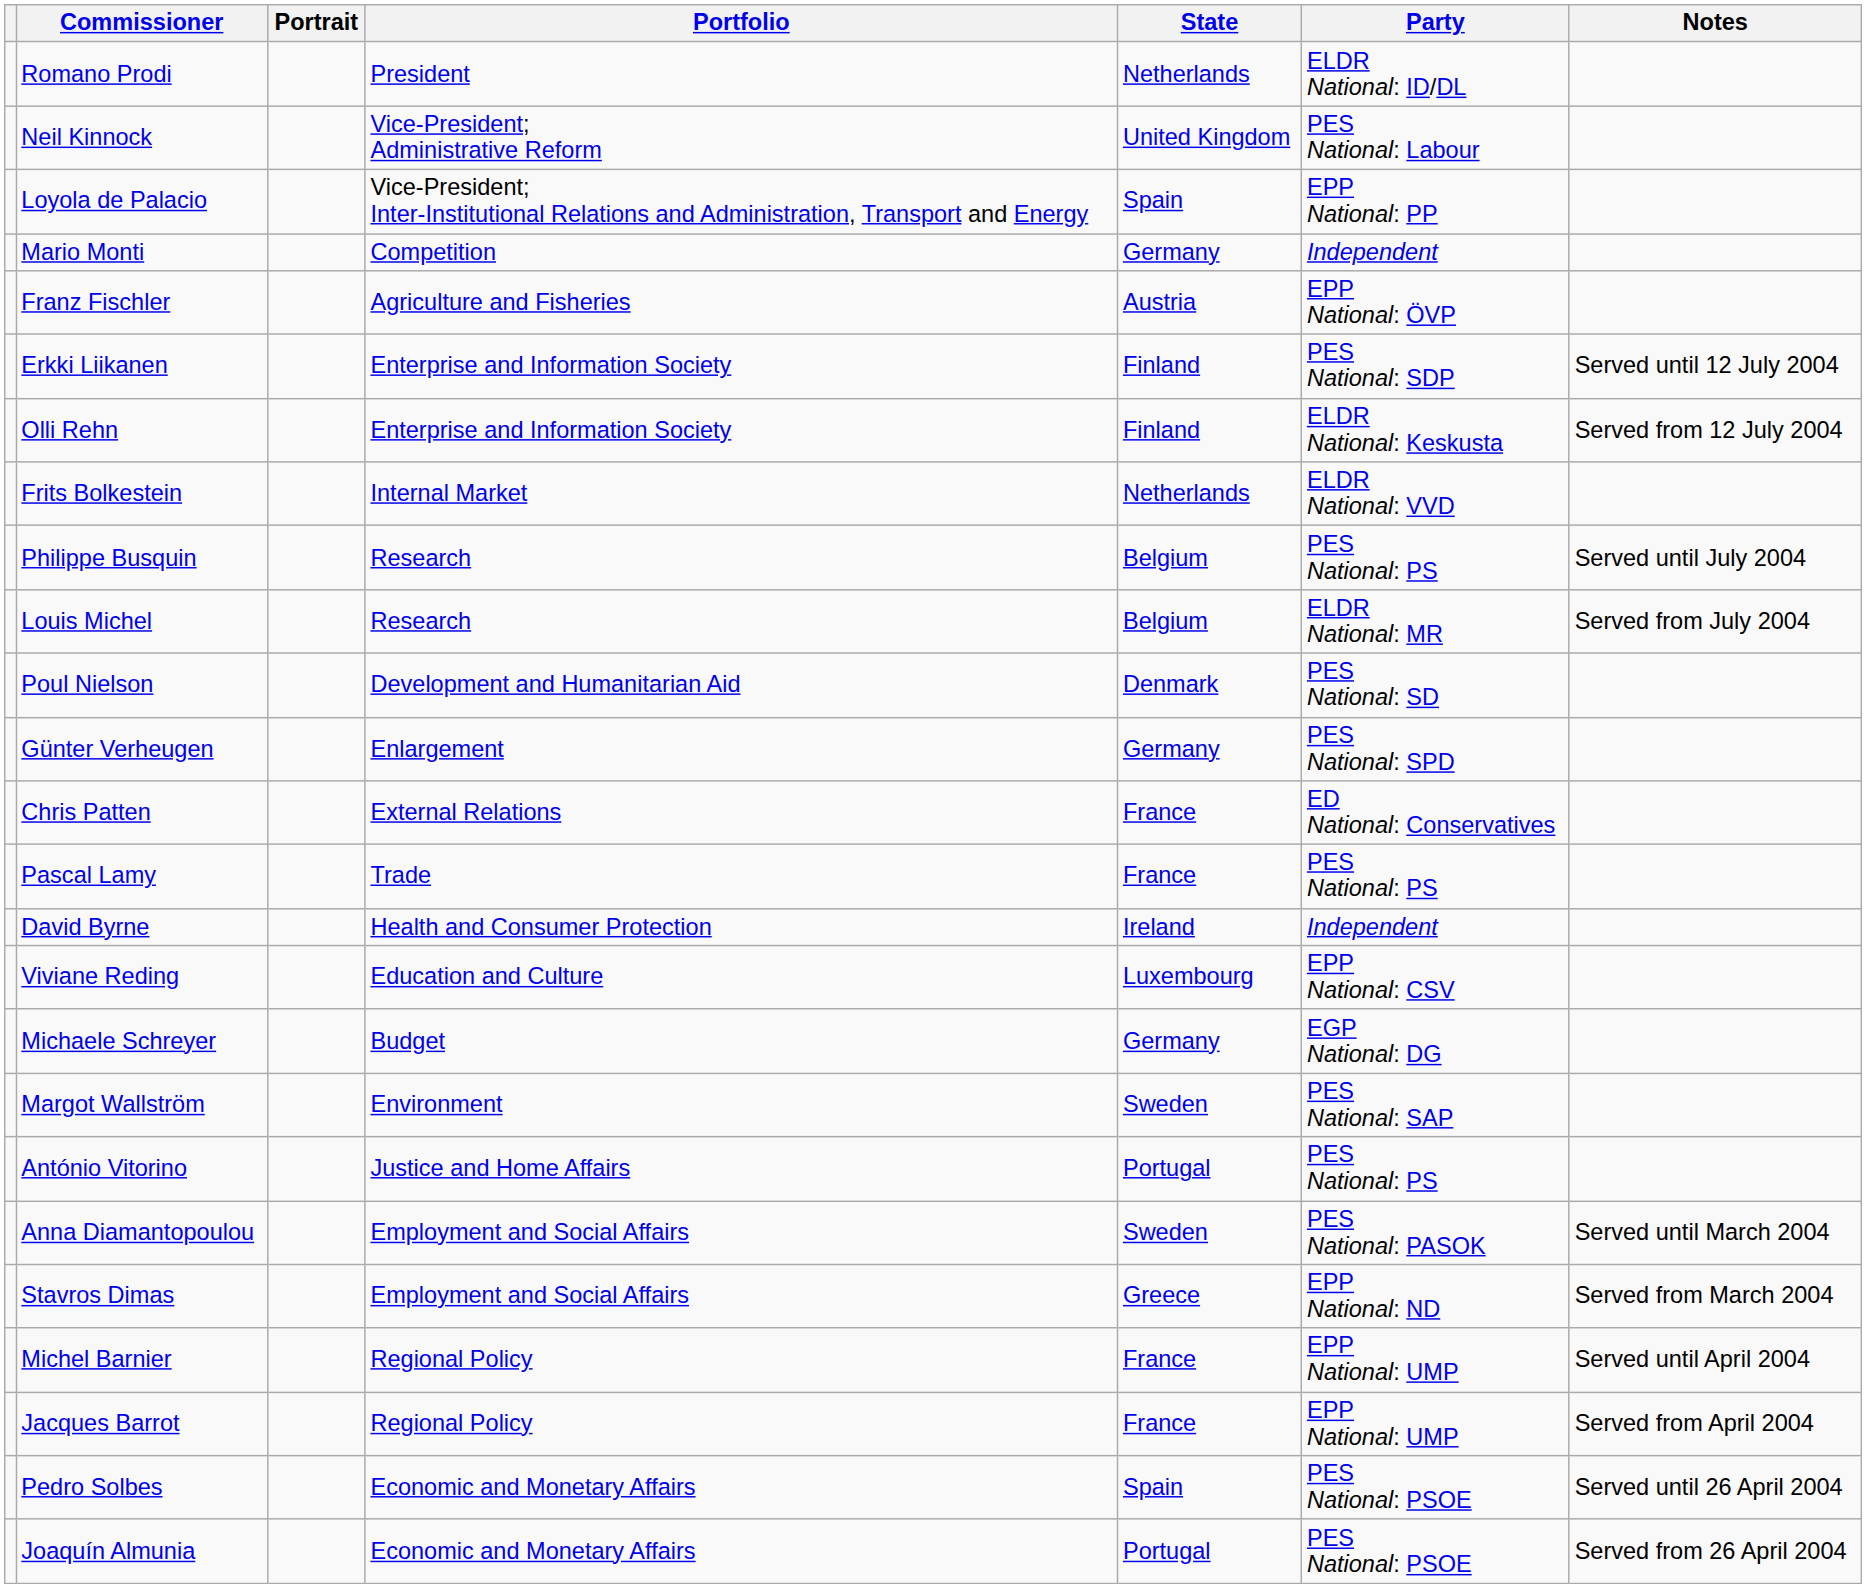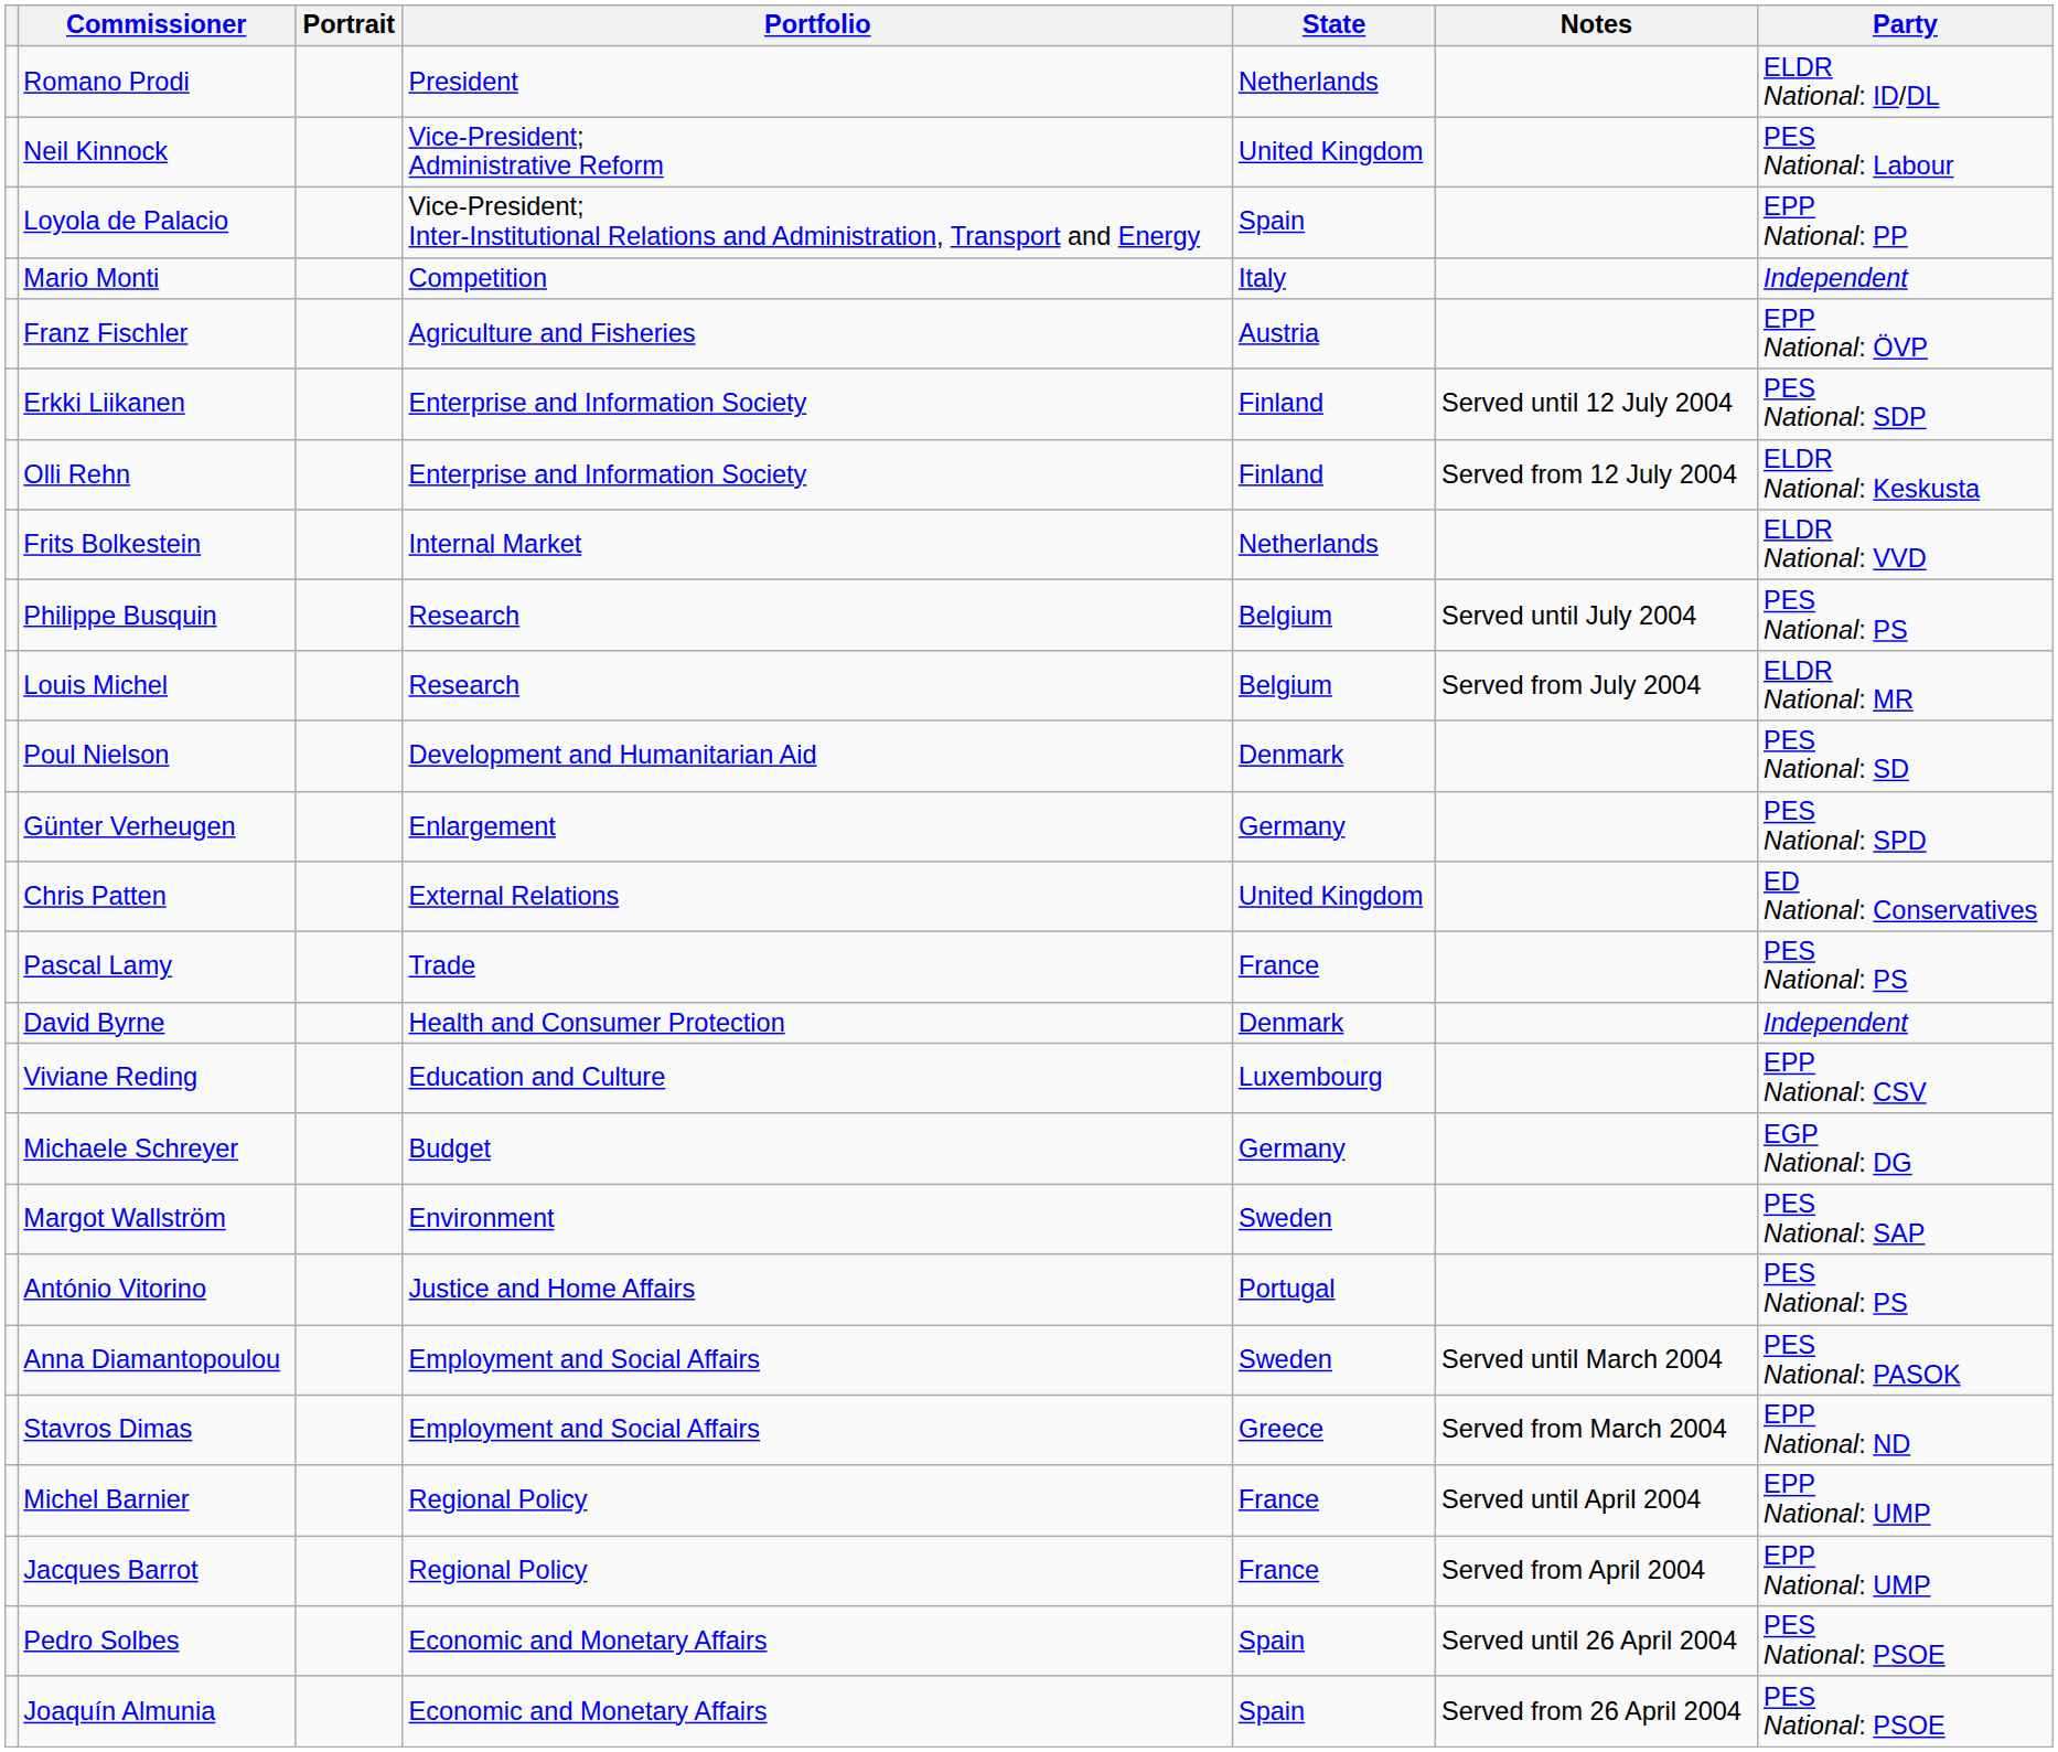 <table class="wikitable sortable" width=100% style="border-collapse:collapse; border:#555">
 <tr>
 <th class="unsortable"></th>
 <th><a href='#'>Commissioner</a></th>
 <th class="unsortable">Portrait</th>
 <th><a href='#'>Portfolio</a></th>
 <th><a href='#'>State</a></th>
+<th>Notes</th>
 <th><a href='#'>Party</a></th>
-<th>Notes</th>
 </tr>
 <tr>
 <td style="background-color: "></td>
 <td><a href='#'>Romano Prodi</a></td>
 <td></td>
 <td><a href='#'>President</a></td>
 <td> <a href='#'>Netherlands</a></td>
+<td></td>
 <td><a href='#'>ELDR</a><br><em>National</em>: <a href='#'>ID</a>/<a href='#'>DL</a></td>
-<td></td>
 </tr>
 <tr>
 <td style="background-color: "></td>
 <td><a href='#'>Neil Kinnock</a></td>
 <td></td>
 <td><a href='#'>Vice-President</a>;<br><a href='#'>Administrative Reform</a></td>
 <td> <a href='#'>United Kingdom</a></td>
+<td></td>
 <td><a href='#'>PES</a><br><em>National</em>: <a href='#'>Labour</a></td>
-<td></td>
 </tr>
 <tr>
 <td style="background-color: "></td>
 <td><a href='#'>Loyola de Palacio</a></td>
 <td></td>
 <td>Vice-President;<br><a href='#'>Inter-Institutional Relations and Administration</a>, <a href='#'>Transport</a> and <a href='#'>Energy</a></td>
 <td> <a href='#'>Spain</a></td>
+<td></td>
 <td><a href='#'>EPP</a><br><em>National</em>: <a href='#'>PP</a></td>
-<td></td>
 </tr>
 <tr>
 <td style="background-color: "></td>
 <td><a href='#'>Mario Monti</a></td>
 <td></td>
 <td><a href='#'>Competition</a></td>
-<td> <a href='#'>Germany</a></td>
+<td> <a href='#'>Italy</a></td>
+<td></td>
 <td><em><a href='#'>Independent</a></em></td>
-<td></td>
 </tr>
 <tr>
 <td style="background-color: "></td>
 <td><a href='#'>Franz Fischler</a></td>
 <td></td>
 <td><a href='#'>Agriculture and Fisheries</a></td>
 <td> <a href='#'>Austria</a></td>
+<td></td>
 <td><a href='#'>EPP</a><br><em>National</em>: <a href='#'>ÖVP</a></td>
-<td></td>
 </tr>
 <tr>
 <td style="background-color: "></td>
 <td><a href='#'>Erkki Liikanen</a></td>
 <td></td>
 <td><a href='#'>Enterprise and Information Society</a></td>
 <td> <a href='#'>Finland</a></td>
+<td>Served until 12 July 2004</td>
 <td><a href='#'>PES</a><br><em>National</em>: <a href='#'>SDP</a></td>
-<td>Served until 12 July 2004</td>
 </tr>
 <tr>
 <td style="background-color: "></td>
 <td><a href='#'>Olli Rehn</a></td>
 <td></td>
 <td><a href='#'>Enterprise and Information Society</a></td>
 <td> <a href='#'>Finland</a></td>
+<td>Served from 12 July 2004</td>
 <td><a href='#'>ELDR</a><br><em>National</em>: <a href='#'>Keskusta</a></td>
-<td>Served from 12 July 2004</td>
 </tr>
 <tr>
 <td style="background-color: "></td>
 <td><a href='#'>Frits Bolkestein</a></td>
 <td></td>
 <td><a href='#'>Internal Market</a></td>
 <td> <a href='#'>Netherlands</a></td>
+<td></td>
 <td><a href='#'>ELDR</a><br><em>National</em>: <a href='#'>VVD</a></td>
-<td></td>
 </tr>
 <tr>
 <td style="background-color: "></td>
 <td><a href='#'>Philippe Busquin</a></td>
 <td></td>
 <td><a href='#'>Research</a></td>
 <td> <a href='#'>Belgium</a></td>
+<td>Served until July 2004</td>
 <td><a href='#'>PES</a><br><em>National</em>: <a href='#'>PS</a></td>
-<td>Served until July 2004</td>
 </tr>
 <tr>
 <td style="background-color: "></td>
 <td><a href='#'>Louis Michel</a></td>
 <td></td>
 <td><a href='#'>Research</a></td>
 <td> <a href='#'>Belgium</a></td>
+<td>Served from July 2004</td>
 <td><a href='#'>ELDR</a><br><em>National</em>: <a href='#'>MR</a></td>
-<td>Served from July 2004</td>
 </tr>
 <tr>
 <td style="background-color: "></td>
 <td><a href='#'>Poul Nielson</a></td>
 <td></td>
 <td><a href='#'>Development and Humanitarian Aid</a></td>
 <td> <a href='#'>Denmark</a></td>
+<td></td>
 <td><a href='#'>PES</a><br><em>National</em>: <a href='#'>SD</a></td>
-<td></td>
 </tr>
 <tr>
 <td style="background-color: "></td>
 <td><a href='#'>Günter Verheugen</a></td>
 <td></td>
 <td><a href='#'>Enlargement</a></td>
 <td> <a href='#'>Germany</a></td>
+<td></td>
 <td><a href='#'>PES</a><br><em>National</em>: <a href='#'>SPD</a></td>
-<td></td>
 </tr>
 <tr>
 <td style="background-color: "></td>
 <td><a href='#'>Chris Patten</a></td>
 <td></td>
 <td><a href='#'>External Relations</a></td>
-<td> <a href='#'>France</a></td>
+<td> <a href='#'>United Kingdom</a></td>
+<td></td>
 <td><a href='#'>ED</a><br><em>National</em>: <a href='#'>Conservatives</a></td>
-<td></td>
 </tr>
 <tr>
 <td style="background-color: "></td>
 <td><a href='#'>Pascal Lamy</a></td>
 <td></td>
 <td><a href='#'>Trade</a></td>
 <td> <a href='#'>France</a></td>
+<td></td>
 <td><a href='#'>PES</a><br><em>National</em>: <a href='#'>PS</a></td>
-<td></td>
 </tr>
 <tr>
 <td style="background-color: "></td>
 <td><a href='#'>David Byrne</a></td>
 <td></td>
 <td><a href='#'>Health and Consumer Protection</a></td>
-<td> <a href='#'>Ireland</a></td>
+<td> <a href='#'>Denmark</a></td>
+<td></td>
 <td><em><a href='#'>Independent</a></em></td>
-<td></td>
 </tr>
 <tr>
 <td style="background-color: "></td>
 <td><a href='#'>Viviane Reding</a></td>
 <td></td>
 <td><a href='#'>Education and Culture</a></td>
 <td> <a href='#'>Luxembourg</a></td>
+<td></td>
 <td><a href='#'>EPP</a><br><em>National</em>: <a href='#'>CSV</a></td>
-<td></td>
 </tr>
 <tr>
 <td style="background-color: "></td>
 <td><a href='#'>Michaele Schreyer</a></td>
 <td></td>
 <td><a href='#'>Budget</a></td>
 <td> <a href='#'>Germany</a></td>
+<td></td>
 <td><a href='#'>EGP</a><br><em>National</em>: <a href='#'>DG</a></td>
-<td></td>
 </tr>
 <tr>
 <td style="background-color: "></td>
 <td><a href='#'>Margot Wallström</a></td>
 <td></td>
 <td><a href='#'>Environment</a></td>
 <td> <a href='#'>Sweden</a></td>
+<td></td>
 <td><a href='#'>PES</a><br><em>National</em>: <a href='#'>SAP</a></td>
-<td></td>
 </tr>
 <tr>
 <td style="background-color: "></td>
 <td><a href='#'>António Vitorino</a></td>
 <td></td>
 <td><a href='#'>Justice and Home Affairs</a></td>
 <td> <a href='#'>Portugal</a></td>
+<td></td>
 <td><a href='#'>PES</a><br><em>National</em>: <a href='#'>PS</a></td>
-<td></td>
 </tr>
 <tr>
 <td style="background-color: "></td>
 <td><a href='#'>Anna Diamantopoulou</a></td>
 <td></td>
 <td><a href='#'>Employment and Social Affairs</a></td>
 <td> <a href='#'>Sweden</a></td>
+<td>Served until March 2004</td>
 <td><a href='#'>PES</a><br><em>National</em>: <a href='#'>PASOK</a></td>
-<td>Served until March 2004</td>
 </tr>
 <tr>
 <td style="background-color: "></td>
 <td><a href='#'>Stavros Dimas</a></td>
 <td></td>
 <td><a href='#'>Employment and Social Affairs</a></td>
 <td> <a href='#'>Greece</a></td>
+<td>Served from March 2004</td>
 <td><a href='#'>EPP</a><br><em>National</em>: <a href='#'>ND</a></td>
-<td>Served from March 2004</td>
 </tr>
 <tr>
 <td style="background-color: "></td>
 <td><a href='#'>Michel Barnier</a></td>
 <td></td>
 <td><a href='#'>Regional Policy</a></td>
 <td> <a href='#'>France</a></td>
+<td>Served until April 2004</td>
 <td><a href='#'>EPP</a><br><em>National</em>: <a href='#'>UMP</a></td>
-<td>Served until April 2004</td>
 </tr>
 <tr>
 <td style="background-color: "></td>
 <td><a href='#'>Jacques Barrot</a></td>
 <td></td>
 <td><a href='#'>Regional Policy</a></td>
 <td> <a href='#'>France</a></td>
+<td>Served from April 2004</td>
 <td><a href='#'>EPP</a><br><em>National</em>: <a href='#'>UMP</a></td>
-<td>Served from April 2004</td>
 </tr>
 <tr>
 <td style="background-color: "></td>
 <td><a href='#'>Pedro Solbes</a></td>
 <td></td>
 <td><a href='#'>Economic and Monetary Affairs</a></td>
 <td> <a href='#'>Spain</a></td>
+<td>Served until 26 April 2004</td>
 <td><a href='#'>PES</a><br><em>National</em>: <a href='#'>PSOE</a></td>
-<td>Served until 26 April 2004</td>
 </tr>
 <tr>
 <td style="background-color: "></td>
 <td><a href='#'>Joaquín Almunia</a></td>
 <td></td>
 <td><a href='#'>Economic and Monetary Affairs</a></td>
-<td> <a href='#'>Portugal</a></td>
+<td> <a href='#'>Spain</a></td>
+<td>Served from 26 April 2004</td>
 <td><a href='#'>PES</a><br><em>National</em>: <a href='#'>PSOE</a></td>
-<td>Served from 26 April 2004</td>
 </tr>
 </table>
